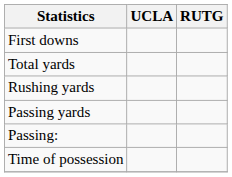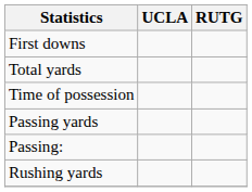 <table class="wikitable" style="float: left;">
 <tr>
 <th>Statistics</th>
 <th>UCLA</th>
 <th>RUTG</th>
 </tr>
 <tr>
 <td>First downs</td>
 <td></td>
 <td></td>
 </tr>
 <tr>
 <td>Total yards</td>
 <td></td>
 <td></td>
 </tr>
 <tr>
-<td>Rushing yards</td>
+<td>Time of possession</td>
 <td></td>
 <td></td>
 </tr>
 <tr>
 <td>Passing yards</td>
 <td></td>
 <td></td>
 </tr>
 <tr>
 <td>Passing:</td>
 <td></td>
 <td></td>
 </tr>
 <tr>
-<td>Time of possession</td>
+<td>Rushing yards</td>
 <td></td>
 <td></td>
 </tr>
 <tr>
 </tr>
 </table>
